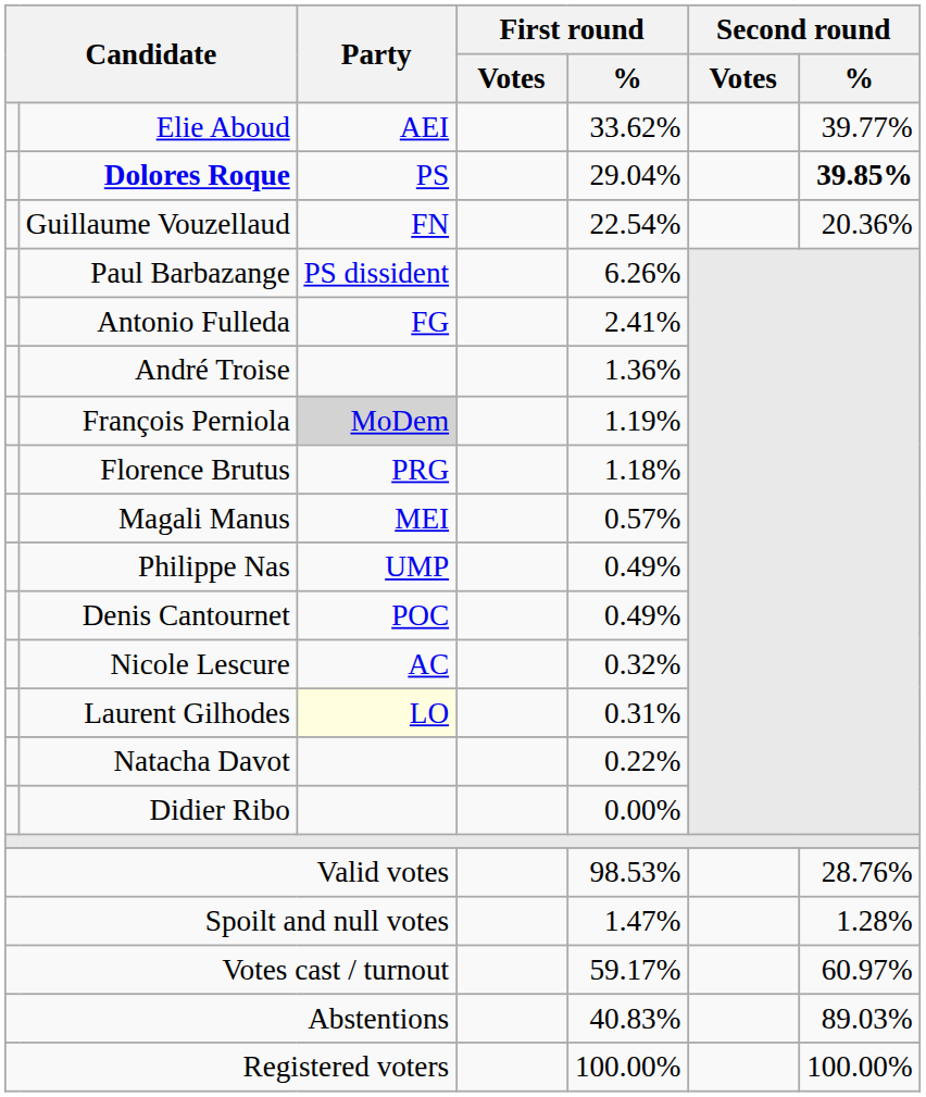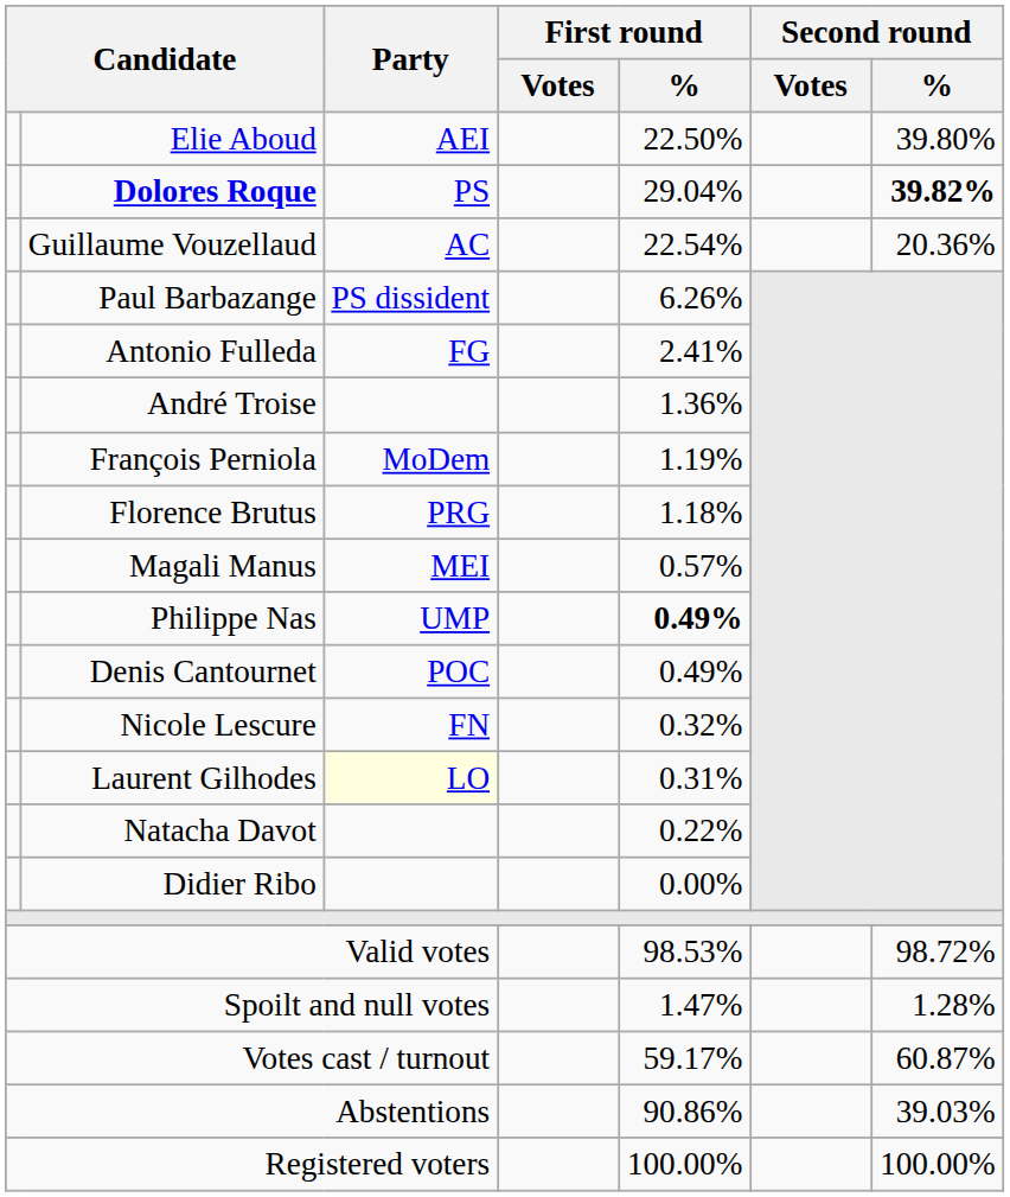 <table class="wikitable" style="text-align:right;font-size:95%;">
 <tr>
 <th rowspan=2 colspan=2>Candidate</th>
 <th rowspan=2 colspan=1>Party</th>
 <th colspan=2>First round</th>
 <th colspan=2>Second round</th>
 </tr>
 <tr>
 <th style="width:50px;">Votes</th>
 <th style="width:55px;">%</th>
 <th style="width:50px;">Votes</th>
 <th style="width:55px;">%</th>
 </tr>
 <tr>
 <td style="color:inherit;background-color:"></td>
 <td><a href='#'>Elie Aboud</a></td>
 <td><a href='#'>AEI</a></td>
 <td></td>
-<td>33.62%</td>
+<td>22.50%</td>
 <td></td>
-<td>39.77%</td>
+<td>39.80%</td>
 </tr>
 <tr>
 <td style="color:inherit;background-color:"></td>
 <td><strong><a href='#'>Dolores Roque</a></strong></td>
 <td><a href='#'>PS</a></td>
 <td></td>
 <td>29.04%</td>
 <td><strong></strong></td>
-<td><strong>39.85%</strong></td>
+<td><strong>39.82%</strong></td>
 </tr>
 <tr>
 <td style="color:inherit;background-color:"></td>
 <td>Guillaume Vouzellaud</td>
-<td><a href='#'>FN</a></td>
+<td><a href='#'>AC</a></td>
 <td></td>
 <td>22.54%</td>
 <td></td>
 <td>20.36%</td>
 </tr>
 <tr>
 <td style="color:inherit;background-color:"></td>
 <td>Paul Barbazange</td>
 <td><a href='#'>PS dissident</a></td>
 <td></td>
 <td>6.26%</td>
 <td colspan=7 rowspan=12 style="background-color:#E9E9E9;"></td>
 </tr>
 <tr>
 <td style="color:inherit;background-color:"></td>
 <td>Antonio Fulleda</td>
 <td><a href='#'>FG</a></td>
 <td></td>
 <td>2.41%</td>
 </tr>
 <tr>
 <td style="background-color:;"></td>
 <td>André Troise</td>
 <td></td>
 <td></td>
 <td>1.36%</td>
 </tr>
 <tr>
 <td style="color:inherit;background-color:"></td>
 <td>François Perniola</td>
-<td style="background: lightgrey;"><a href='#'>MoDem</a></td>
+<td><a href='#'>MoDem</a></td>
 <td></td>
 <td>1.19%</td>
 </tr>
 <tr>
 <td style="color:inherit;background-color:"></td>
 <td>Florence Brutus</td>
 <td><a href='#'>PRG</a></td>
 <td></td>
 <td>1.18%</td>
 </tr>
 <tr>
 <td style="color:inherit;background-color:"></td>
 <td>Magali Manus</td>
 <td><a href='#'>MEI</a></td>
 <td></td>
 <td>0.57%</td>
 </tr>
 <tr>
 <td style="color:inherit;background-color:"></td>
 <td>Philippe Nas</td>
 <td><a href='#'>UMP</a></td>
 <td></td>
-<td>0.49%</td>
+<td><strong>0.49%</strong></td>
 </tr>
 <tr>
 <td style="color:inherit;background-color:"></td>
 <td>Denis Cantournet</td>
 <td><a href='#'>POC</a></td>
 <td></td>
 <td>0.49%</td>
 </tr>
 <tr>
 <td style="color:inherit;background-color:"></td>
 <td>Nicole Lescure</td>
-<td><a href='#'>AC</a></td>
+<td><a href='#'>FN</a></td>
 <td></td>
 <td>0.32%</td>
 </tr>
 <tr>
 <td style="color:inherit;background-color:"></td>
 <td>Laurent Gilhodes</td>
 <td style="background: lightyellow;"><a href='#'>LO</a></td>
 <td></td>
 <td>0.31%</td>
 </tr>
 <tr>
 <td style="background-color:;"></td>
 <td>Natacha Davot</td>
 <td></td>
 <td></td>
 <td>0.22%</td>
 </tr>
 <tr>
 <td style="background-color:;"></td>
 <td>Didier Ribo</td>
 <td></td>
 <td></td>
 <td>0.00%</td>
 </tr>
 <tr>
 <td colspan=7 style="background-color:#E9E9E9;"></td>
 </tr>
 <tr>
 <td colspan=3>Valid votes</td>
 <td></td>
 <td>98.53%</td>
 <td></td>
-<td>28.76%</td>
+<td>98.72%</td>
 </tr>
 <tr>
 <td colspan=3>Spoilt and null votes</td>
 <td></td>
 <td>1.47%</td>
 <td></td>
 <td>1.28%</td>
 </tr>
 <tr>
 <td colspan=3>Votes cast / turnout</td>
 <td></td>
 <td>59.17%</td>
 <td></td>
-<td>60.97%</td>
+<td>60.87%</td>
 </tr>
 <tr>
 <td colspan=3>Abstentions</td>
 <td></td>
-<td>40.83%</td>
+<td>90.86%</td>
 <td></td>
-<td>89.03%</td>
+<td>39.03%</td>
 </tr>
 <tr>
 <td colspan=3>Registered voters</td>
 <td></td>
 <td>100.00%</td>
 <td></td>
 <td>100.00%</td>
 </tr>
 </table>
